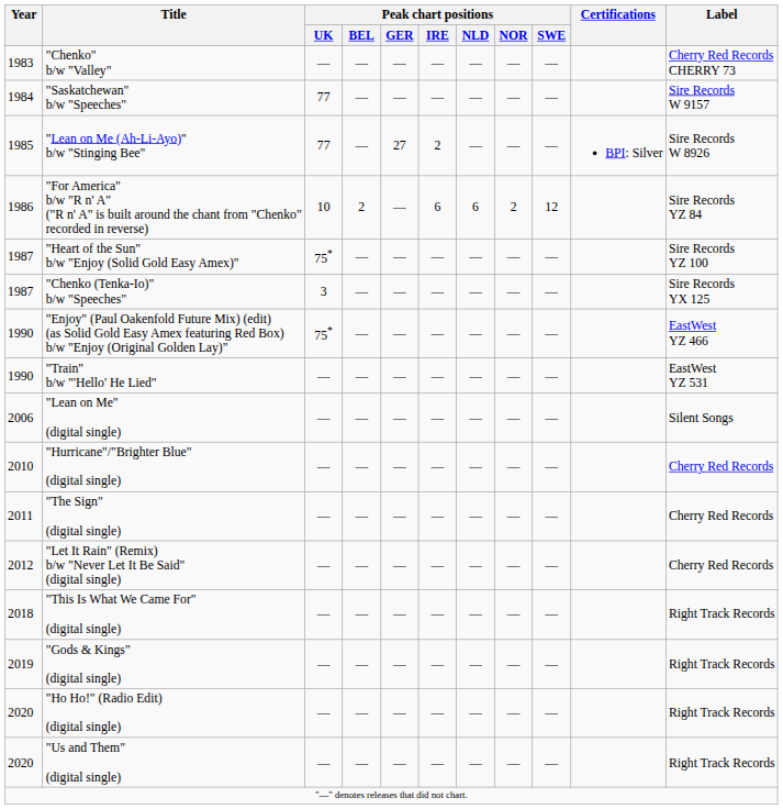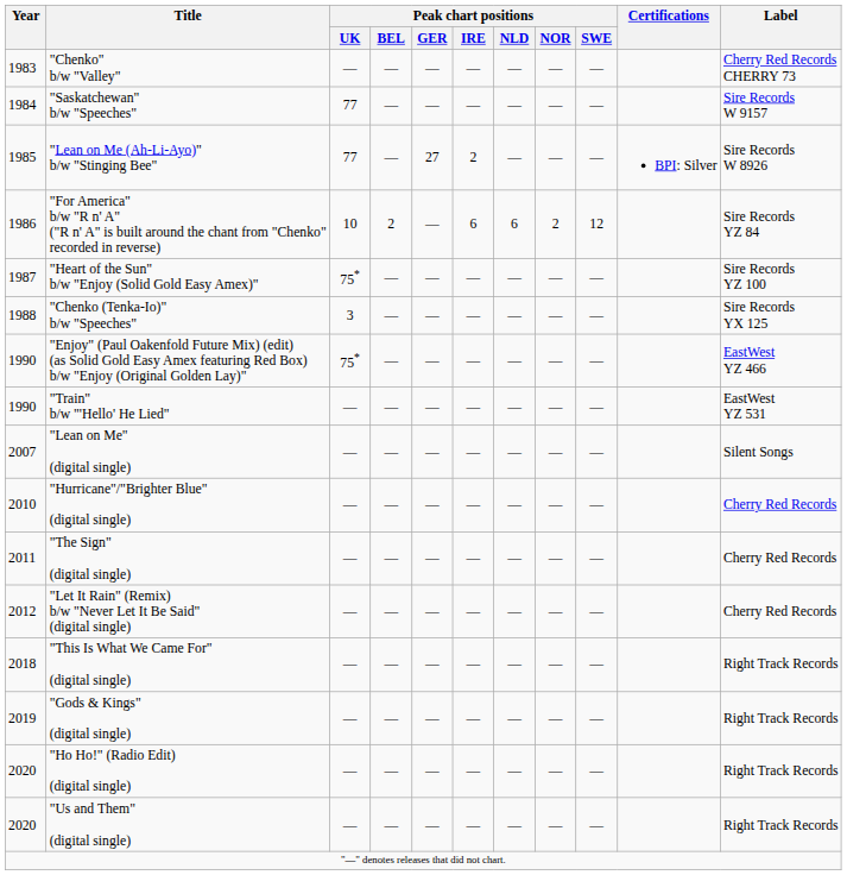 <table class="wikitable">
 <tr>
 <th rowspan="2" align="left" valign="top" width="40">Year</th>
 <th rowspan="2" align="left" valign="top">Title</th>
 <th colspan="7" align="left" valign="top">Peak chart positions</th>
 <th rowspan="2" align="left" valign="top"><a href='#'>Certifications</a></th>
 <th rowspan="2" align="left" valign="top">Label</th>
 </tr>
 <tr>
 <th align="left" valign="top" width="40"><a href='#'>UK</a><br></th>
 <th align="left" valign="top" width="40"><a href='#'>BEL</a><br></th>
 <th align="left" valign="top" width="40"><a href='#'>GER</a><br></th>
 <th align="left" valign="top" width="40"><a href='#'>IRE</a><br></th>
 <th align="left" valign="top" width="40"><a href='#'>NLD</a><br></th>
 <th align="left" valign="top" width="40"><a href='#'>NOR</a><br></th>
 <th align="left" valign="top" width="40"><a href='#'>SWE</a><br></th>
 </tr>
 <tr>
 <td align="left">1983</td>
 <td align="left">"Chenko"<br>b/w "Valley"</td>
 <td align="center">—</td>
 <td align="center">—</td>
 <td align="center">—</td>
 <td align="center">—</td>
 <td align="center">—</td>
 <td align="center">—</td>
 <td align="center">—</td>
 <td></td>
 <td align="left"><a href='#'>Cherry Red Records</a><br>CHERRY 73</td>
 </tr>
 <tr>
 <td align="left">1984</td>
 <td align="left">"Saskatchewan"<br>b/w "Speeches"</td>
 <td align="center">77</td>
 <td align="center">—</td>
 <td align="center">—</td>
 <td align="center">—</td>
 <td align="center">—</td>
 <td align="center">—</td>
 <td align="center">—</td>
 <td></td>
 <td align="left"><a href='#'>Sire Records</a><br>W 9157</td>
 </tr>
 <tr>
 <td align="left">1985</td>
 <td align="left">"<a href='#'>Lean on Me (Ah-Li-Ayo)</a>"<br>b/w "Stinging Bee"</td>
 <td align="center">77</td>
 <td align="center">—</td>
 <td align="center">27</td>
 <td align="center">2</td>
 <td align="center">—</td>
 <td align="center">—</td>
 <td align="center">—</td>
 <td><br><ul><li><a href='#'>BPI</a>: Silver</li></ul></td>
 <td align="left">Sire Records<br>W 8926</td>
 </tr>
 <tr>
 <td align="left">1986</td>
 <td align="left">"For America"<br>b/w "R n' A"<br> ("R n' A" is built around the chant from "Chenko"<br> recorded in reverse)</td>
 <td align="center">10</td>
 <td align="center">2</td>
 <td align="center">—</td>
 <td align="center">6</td>
 <td align="center">6</td>
 <td align="center">2</td>
 <td align="center">12</td>
 <td></td>
 <td align="left">Sire Records<br>YZ 84</td>
 </tr>
 <tr>
 <td align="left">1987</td>
 <td align="left">"Heart of the Sun"<br>b/w "Enjoy (Solid Gold Easy Amex)"</td>
 <td align="center">75<sup>*</sup></td>
 <td align="center">—</td>
 <td align="center">—</td>
 <td align="center">—</td>
 <td align="center">—</td>
 <td align="center">—</td>
 <td align="center">—</td>
 <td></td>
 <td align="left">Sire Records<br>YZ 100</td>
 </tr>
 <tr>
-<td align="left">1987</td>
+<td align="left">1988</td>
 <td align="left">"Chenko (Tenka-Io)"<br>b/w "Speeches"</td>
 <td align="center">3</td>
 <td align="center">—</td>
 <td align="center">—</td>
 <td align="center">—</td>
 <td align="center">—</td>
 <td align="center">—</td>
 <td align="center">—</td>
 <td></td>
 <td align="left">Sire Records<br>YX 125</td>
 </tr>
 <tr>
 <td align="left">1990</td>
 <td align="left">"Enjoy" (Paul Oakenfold Future Mix) (edit)<br>(as Solid Gold Easy Amex featuring Red Box) <br>b/w "Enjoy (Original Golden Lay)"</td>
 <td align="center">75<sup>*</sup></td>
 <td align="center">—</td>
 <td align="center">—</td>
 <td align="center">—</td>
 <td align="center">—</td>
 <td align="center">—</td>
 <td align="center">—</td>
 <td></td>
 <td align="left"><a href='#'>EastWest</a><br>YZ 466</td>
 </tr>
 <tr>
 <td align="left">1990</td>
 <td align="left">"Train"<br>b/w "'Hello' He Lied"</td>
 <td align="center">—</td>
 <td align="center">—</td>
 <td align="center">—</td>
 <td align="center">—</td>
 <td align="center">—</td>
 <td align="center">—</td>
 <td align="center">—</td>
 <td></td>
 <td align="left">EastWest<br>YZ 531</td>
 </tr>
 <tr>
-<td align="left">2006</td>
+<td align="left">2007</td>
 <td align="left">"Lean on Me"<br><br>(digital single)</td>
 <td align="center">—</td>
 <td align="center">—</td>
 <td align="center">—</td>
 <td align="center">—</td>
 <td align="center">—</td>
 <td align="center">—</td>
 <td align="center">—</td>
 <td></td>
 <td align="left">Silent Songs</td>
 </tr>
 <tr>
 <td align="left">2010</td>
 <td align="left">"Hurricane"/"Brighter Blue"<br><br>(digital single)</td>
 <td align="center">—</td>
 <td align="center">—</td>
 <td align="center">—</td>
 <td align="center">—</td>
 <td align="center">—</td>
 <td align="center">—</td>
 <td align="center">—</td>
 <td></td>
 <td align="left"><a href='#'>Cherry Red Records</a></td>
 </tr>
 <tr>
 <td align="left">2011</td>
 <td align="left">"The Sign"<br><br>(digital single)</td>
 <td align="center">—</td>
 <td align="center">—</td>
 <td align="center">—</td>
 <td align="center">—</td>
 <td align="center">—</td>
 <td align="center">—</td>
 <td align="center">—</td>
 <td></td>
 <td align="left">Cherry Red Records</td>
 </tr>
 <tr>
 <td align="left">2012</td>
 <td align="left">"Let It Rain" (Remix)<br>b/w "Never Let It Be Said"<br> (digital single)</td>
 <td align="center">—</td>
 <td align="center">—</td>
 <td align="center">—</td>
 <td align="center">—</td>
 <td align="center">—</td>
 <td align="center">—</td>
 <td align="center">—</td>
 <td></td>
 <td align="left">Cherry Red Records</td>
 </tr>
 <tr>
 <td align="left">2018</td>
 <td align="left">"This Is What We Came For"<br><br>(digital single)</td>
 <td align="center">—</td>
 <td align="center">—</td>
 <td align="center">—</td>
 <td align="center">—</td>
 <td align="center">—</td>
 <td align="center">—</td>
 <td align="center">—</td>
 <td></td>
 <td align="left">Right Track Records</td>
 </tr>
 <tr>
 <td align="left">2019</td>
 <td align="left">"Gods & Kings"<br><br>(digital single)</td>
 <td align="center">—</td>
 <td align="center">—</td>
 <td align="center">—</td>
 <td align="center">—</td>
 <td align="center">—</td>
 <td align="center">—</td>
 <td align="center">—</td>
 <td></td>
 <td align="left">Right Track Records</td>
 </tr>
 <tr>
 <td align="left">2020</td>
 <td align="left">"Ho Ho!" (Radio Edit)<br><br>(digital single)</td>
 <td align="center">—</td>
 <td align="center">—</td>
 <td align="center">—</td>
 <td align="center">—</td>
 <td align="center">—</td>
 <td align="center">—</td>
 <td align="center">—</td>
 <td></td>
 <td align="left">Right Track Records</td>
 </tr>
 <tr>
 <td align="left">2020</td>
 <td align="left">"Us and Them"<br><br>(digital single)</td>
 <td align="center">—</td>
 <td align="center">—</td>
 <td align="center">—</td>
 <td align="center">—</td>
 <td align="center">—</td>
 <td align="center">—</td>
 <td align="center">—</td>
 <td></td>
 <td align="left">Right Track Records</td>
 </tr>
 <tr>
 <td colspan="11" style="text-align:center; font-size:9pt;">"—" denotes releases that did not chart.</td>
 </tr>
 </table>
